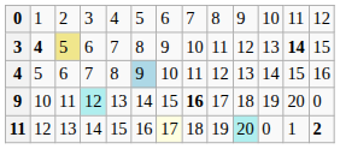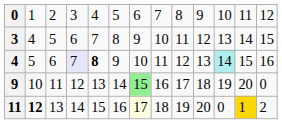 <table class=wikitable>
 <tr>
 <th>0</th>
 <td>1</td>
 <td>2</td>
 <td>3</td>
 <td>4</td>
 <td>5</td>
 <td>6</td>
 <td>7</td>
 <td>8</td>
 <td>9</td>
 <td>10</td>
 <td>11</td>
 <td>12</td>
 </tr>
 <tr>
 <th>3</th>
-<td><strong>4</strong></td>
-<td style="background: khaki;">5</td>
+<td>4</td>
+<td>5</td>
 <td>6</td>
 <td>7</td>
 <td>8</td>
 <td>9</td>
 <td>10</td>
 <td>11</td>
 <td>12</td>
 <td>13</td>
-<td><strong>14</strong></td>
+<td>14</td>
 <td>15</td>
 </tr>
 <tr>
 <th>4</th>
 <td>5</td>
 <td>6</td>
-<td>7</td>
-<td>8</td>
-<td style="background: lightblue;">9</td>
+<td style="background: lavender;">7</td>
+<td><strong>8</strong></td>
+<td>9</td>
 <td>10</td>
 <td>11</td>
 <td>12</td>
 <td>13</td>
-<td>14</td>
+<td style="background: paleturquoise;">14</td>
 <td>15</td>
 <td>16</td>
 </tr>
 <tr>
 <th>9</th>
 <td>10</td>
 <td>11</td>
-<td style="background: paleturquoise;">12</td>
+<td>12</td>
 <td>13</td>
 <td>14</td>
-<td>15</td>
-<td><strong>16</strong></td>
+<td style="background: lightgreen;">15</td>
+<td>16</td>
 <td>17</td>
 <td>18</td>
 <td>19</td>
 <td>20</td>
 <td>0</td>
 </tr>
 <tr>
 <th>11</th>
-<td>12</td>
+<td><strong>12</strong></td>
 <td>13</td>
 <td>14</td>
 <td>15</td>
 <td>16</td>
 <td style="background: lightyellow;">17</td>
 <td>18</td>
 <td>19</td>
-<td style="background: paleturquoise;">20</td>
+<td>20</td>
 <td>0</td>
-<td>1</td>
-<td><strong>2</strong></td>
+<td style="background: gold;">1</td>
+<td>2</td>
 </tr>
 </table>
